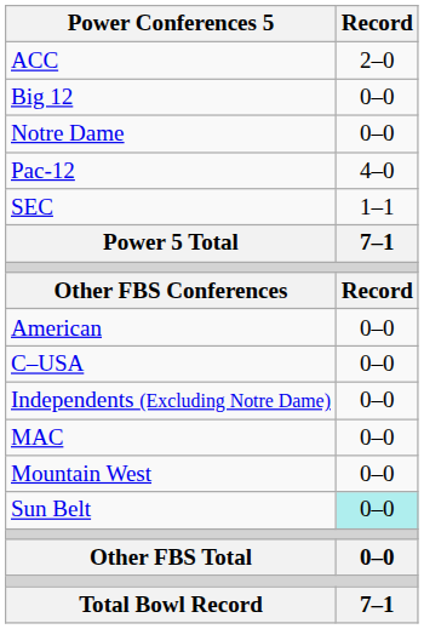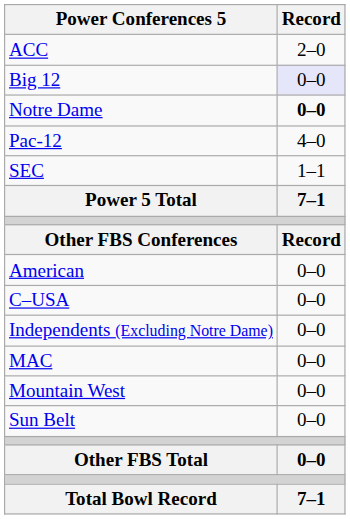 <table class="wikitable">
 <tr>
 <th>Power Conferences 5</th>
 <th>Record</th>
 </tr>
 <tr>
 <td><a href='#'>ACC</a></td>
 <td align=center>2–0</td>
 </tr>
 <tr>
 <td><a href='#'>Big 12</a></td>
-<td align=center>0–0</td>
+<td align=center style="background: lavender;">0–0</td>
 </tr>
 <tr>
 <td><a href='#'>Notre Dame</a></td>
-<td align=center>0–0</td>
+<td align=center><strong>0–0</strong></td>
 </tr>
 <tr>
 <td><a href='#'>Pac-12</a></td>
 <td align=center>4–0</td>
 </tr>
 <tr>
 <td><a href='#'>SEC</a></td>
 <td align=center>1–1</td>
 </tr>
 <tr>
 <th>Power 5 Total</th>
 <th>7–1</th>
 </tr>
 <tr>
 <th colspan="2" style="background:lightgrey;"></th>
 </tr>
 <tr>
 <th>Other FBS Conferences</th>
 <th>Record</th>
 </tr>
 <tr>
 <td><a href='#'>American</a></td>
 <td align=center>0–0</td>
 </tr>
 <tr>
 <td><a href='#'>C–USA</a></td>
 <td align=center>0–0</td>
 </tr>
 <tr>
 <td><a href='#'>Independents <small>(Excluding Notre Dame)</small></a></td>
 <td align=center>0–0</td>
 </tr>
 <tr>
 <td><a href='#'>MAC</a></td>
 <td align=center>0–0</td>
 </tr>
 <tr>
 <td><a href='#'>Mountain West</a></td>
 <td align=center>0–0</td>
 </tr>
 <tr>
 <td><a href='#'>Sun Belt</a></td>
-<td align=center style="background: paleturquoise;">0–0</td>
+<td align=center>0–0</td>
 </tr>
 <tr>
 <th colspan="2" style="background:lightgrey;"></th>
 </tr>
 <tr>
 <th>Other FBS Total</th>
 <th>0–0</th>
 </tr>
 <tr>
 <th colspan="2" style="background:lightgrey;"></th>
 </tr>
 <tr>
 <th>Total Bowl Record</th>
 <th>7–1</th>
 </tr>
 </table>
